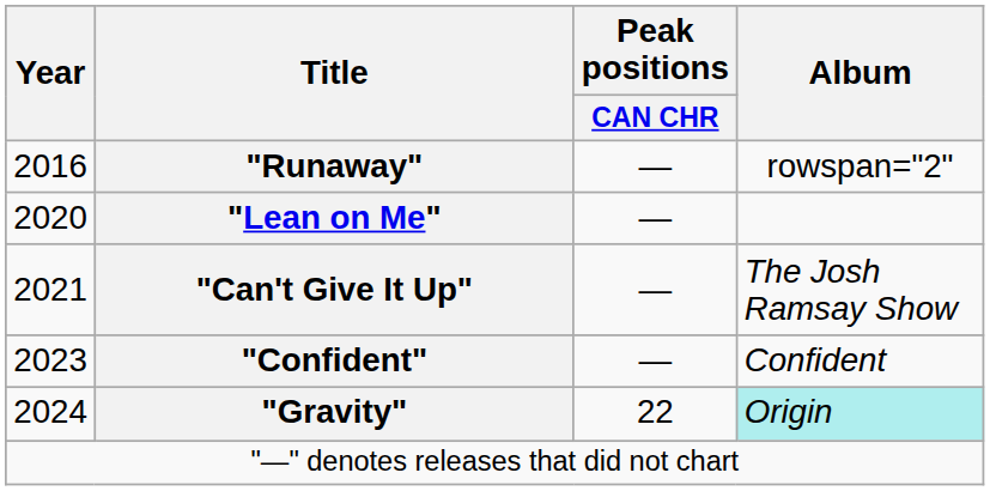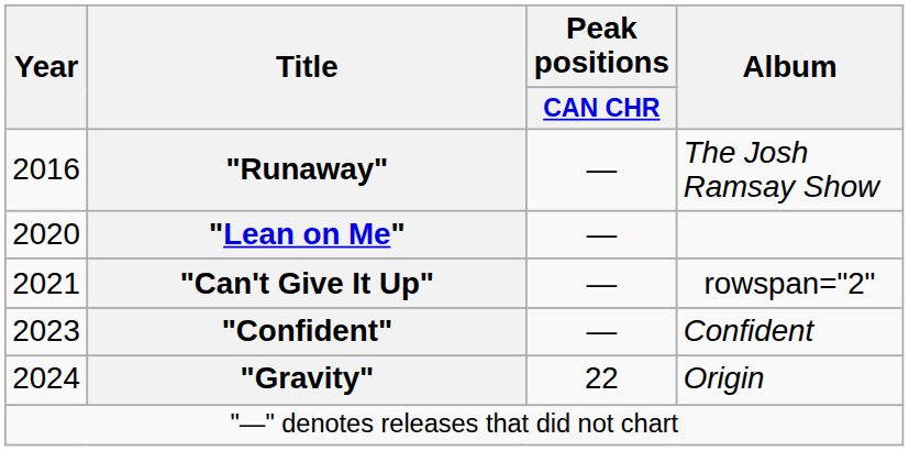 <table class="wikitable plainrowheaders" style="text-align:center;">
 <tr>
 <th rowspan="2" style="width:1em;">Year</th>
 <th rowspan="2" style="width:14em;">Title</th>
 <th>Peak positions</th>
 <th rowspan="2" style="width:7em;">Album</th>
 </tr>
 <tr style="font-size:smaller;">
 <th style="width:3.5em;"><a href='#'>CAN CHR</a><br></th>
 </tr>
 <tr>
 <td>2016</td>
 <th scope="row">"Runaway"<br> </th>
 <td>—</td>
-<td>rowspan="2"</td>
+<td align="left"><em>The Josh Ramsay Show</em></td>
 </tr>
 <tr>
 <td>2020</td>
 <th scope="row">"<a href='#'>Lean on Me</a>"<br> </th>
 <td>—</td>
 </tr>
 <tr>
 <td>2021</td>
 <th scope="row">"Can't Give It Up"<br></th>
 <td>—</td>
-<td align="left"><em>The Josh Ramsay Show</em></td>
+<td>rowspan="2"</td>
 </tr>
 <tr>
 <td>2023</td>
 <th scope="row">"Confident"<br></th>
 <td>—</td>
 <td align="left"><em>Confident</em></td>
 </tr>
 <tr>
 <td>2024</td>
 <th scope="row">"Gravity"<br></th>
 <td>22</td>
-<td align="left" style="background: paleturquoise;"><em>Origin</em></td>
+<td align="left"><em>Origin</em></td>
 </tr>
 <tr>
 <td colspan="9" style="font-size:85%">"—" denotes releases that did not chart</td>
 </tr>
 </table>
